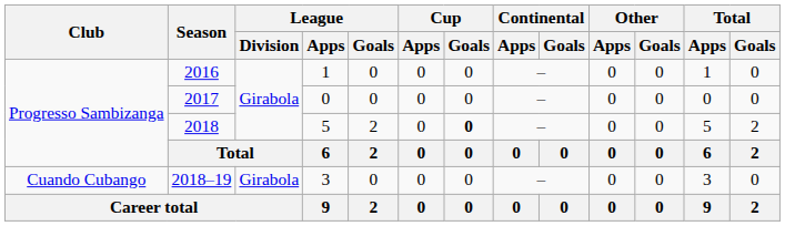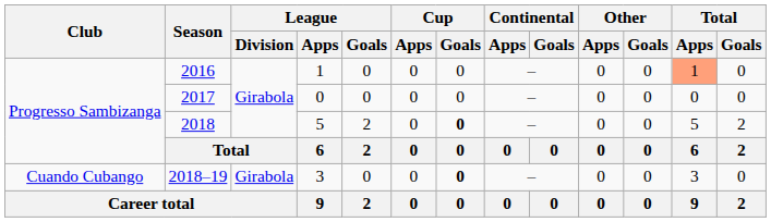 <table class="wikitable" style="text-align: center">
 <tr>
 <th rowspan="2">Club</th>
 <th rowspan="2">Season</th>
 <th colspan="3">League</th>
 <th colspan="2">Cup</th>
 <th colspan="2">Continental</th>
 <th colspan="2">Other</th>
 <th colspan="2">Total</th>
 </tr>
 <tr>
 <th>Division</th>
 <th>Apps</th>
 <th>Goals</th>
 <th>Apps</th>
 <th>Goals</th>
 <th>Apps</th>
 <th>Goals</th>
 <th>Apps</th>
 <th>Goals</th>
 <th>Apps</th>
 <th>Goals</th>
 </tr>
 <tr>
 <td rowspan="4"><a href='#'>Progresso Sambizanga</a></td>
 <td><a href='#'>2016</a></td>
 <td rowspan="3"><a href='#'>Girabola</a></td>
 <td>1</td>
 <td>0</td>
 <td>0</td>
 <td>0</td>
 <td colspan="2">–</td>
 <td>0</td>
 <td>0</td>
-<td>1</td>
+<td style="background: lightsalmon;">1</td>
 <td>0</td>
 </tr>
 <tr>
 <td><a href='#'>2017</a></td>
 <td>0</td>
 <td>0</td>
 <td>0</td>
 <td>0</td>
 <td colspan="2">–</td>
 <td>0</td>
 <td>0</td>
 <td>0</td>
 <td>0</td>
 </tr>
 <tr>
 <td><a href='#'>2018</a></td>
 <td>5</td>
 <td>2</td>
 <td>0</td>
 <td><strong>0</strong></td>
 <td colspan="2">–</td>
 <td>0</td>
 <td>0</td>
 <td>5</td>
 <td>2</td>
 </tr>
 <tr>
 <th colspan="2"><strong>Total</strong></th>
 <th>6</th>
 <th>2</th>
 <th>0</th>
 <th>0</th>
 <th>0</th>
 <th>0</th>
 <th>0</th>
 <th>0</th>
 <th>6</th>
 <th>2</th>
 </tr>
 <tr>
 <td><a href='#'>Cuando Cubango</a></td>
 <td><a href='#'>2018–19</a></td>
 <td><a href='#'>Girabola</a></td>
 <td>3</td>
 <td>0</td>
 <td>0</td>
-<td>0</td>
+<td><strong>0</strong></td>
 <td colspan="2">–</td>
 <td>0</td>
 <td>0</td>
 <td>3</td>
 <td>0</td>
 </tr>
 <tr>
 <th colspan="3"><strong>Career total</strong></th>
 <th>9</th>
 <th>2</th>
 <th>0</th>
 <th>0</th>
 <th>0</th>
 <th>0</th>
 <th>0</th>
 <th>0</th>
 <th>9</th>
 <th>2</th>
 </tr>
 </table>
